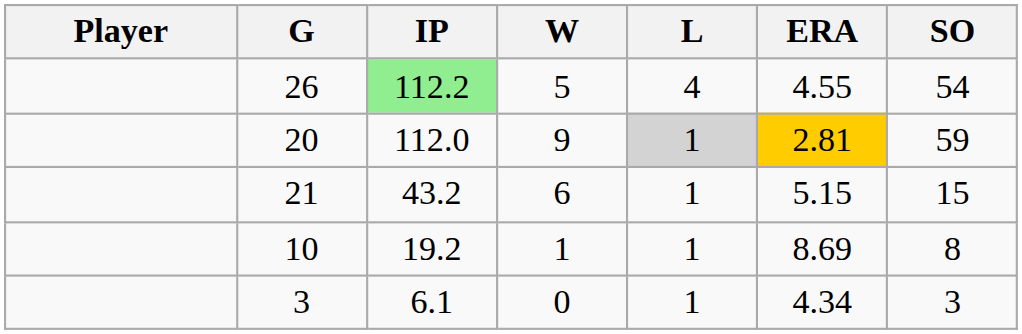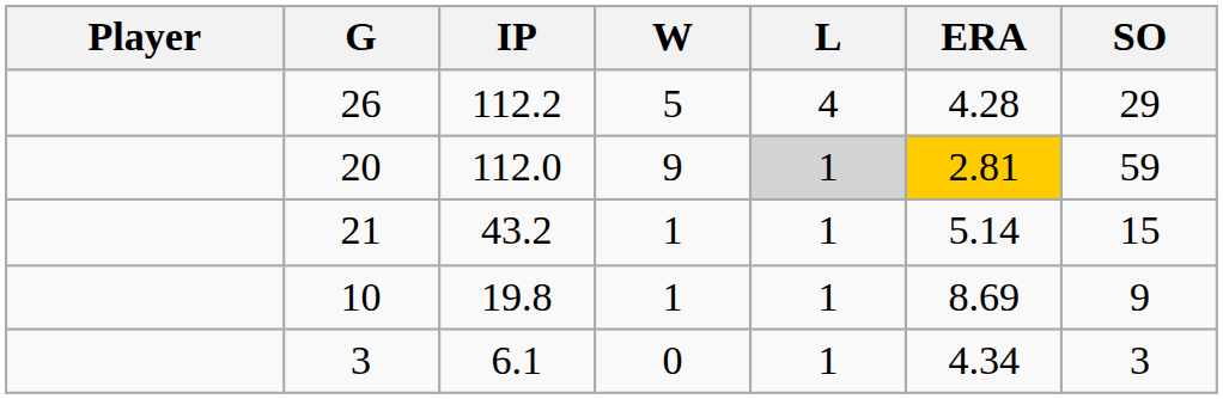 <table class="wikitable sortable">
 <tr>
 <th bgcolor="#DDDDFF" width="16%">Player</th>
 <th bgcolor="#DDDDFF" width="9%">G</th>
 <th bgcolor="#DDDDFF" width="9%">IP</th>
 <th bgcolor="#DDDDFF" width="9%">W</th>
 <th bgcolor="#DDDDFF" width="9%">L</th>
 <th bgcolor="#DDDDFF" width="9%">ERA</th>
 <th bgcolor="#DDDDFF" width="9%">SO</th>
 </tr>
 <tr align="center">
 <td></td>
 <td>26</td>
-<td style="background: lightgreen;">112.2</td>
+<td>112.2</td>
 <td>5</td>
 <td>4</td>
-<td>4.55</td>
-<td>54</td>
+<td>4.28</td>
+<td>29</td>
 </tr>
 <tr align="center">
 <td></td>
 <td>20</td>
 <td>112.0</td>
 <td>9</td>
 <td style="background: lightgrey;">1</td>
 <td style="background:#fc0;">2.81</td>
 <td>59</td>
 </tr>
 <tr align="center">
 <td></td>
 <td>21</td>
 <td>43.2</td>
-<td>6</td>
 <td>1</td>
-<td>5.15</td>
+<td>1</td>
+<td>5.14</td>
 <td>15</td>
 </tr>
 <tr align="center">
 <td></td>
 <td>10</td>
-<td>19.2</td>
+<td>19.8</td>
 <td>1</td>
 <td>1</td>
 <td>8.69</td>
-<td>8</td>
+<td>9</td>
 </tr>
 <tr align="center">
 <td></td>
 <td>3</td>
 <td>6.1</td>
 <td>0</td>
 <td>1</td>
 <td>4.34</td>
 <td>3</td>
 </tr>
 </table>
